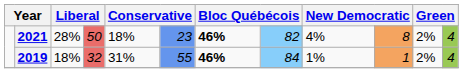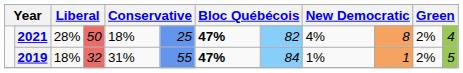 <table class="wikitable" style="width:400; font-size:90%; margin-left:1em;">
 <tr>
 <th colspan="2" scope="col">Year</th>
 <th colspan="2" scope="col"><a href='#'>Liberal</a></th>
 <th colspan="2" scope="col"><a href='#'>Conservative</a></th>
 <th colspan="2" scope="col"><a href='#'>Bloc Québécois</a></th>
 <th colspan="2" scope="col"><a href='#'>New Democratic</a></th>
 <th colspan="2" scope="col"><a href='#'>Green</a></th>
 </tr>
 <tr>
 <td rowspan="2" style="width: 0.25em; background-color: "></td>
 <th><a href='#'>2021</a></th>
 <td>28%</td>
 <td style="text-align:right; background:#EA6D6A;"><em>50</em></td>
 <td>18%</td>
-<td style="text-align:right; background:#6495ED;"><em>23</em></td>
-<td><strong>46%</strong></td>
+<td style="text-align:right; background:#6495ED;"><em>25</em></td>
+<td><strong>47%</strong></td>
 <td style="text-align:right; background:#87CEFA;"><em>82</em></td>
 <td>4%</td>
 <td style="text-align:right; background:#F4A460;"><em>8</em></td>
 <td>2%</td>
 <td style="text-align:right; background:#99C955;"><em>4</em></td>
 </tr>
 <tr>
 <th><a href='#'>2019</a></th>
 <td>18%</td>
 <td style="text-align:right; background:#EA6D6A;"><em>32</em></td>
 <td>31%</td>
 <td style="text-align:right; background:#6495ED;"><em>55</em></td>
-<td><strong>46%</strong></td>
+<td><strong>47%</strong></td>
 <td style="text-align:right; background:#87CEFA;"><em>84</em></td>
 <td>1%</td>
 <td style="text-align:right; background:#F4A460;"><em>1</em></td>
 <td>2%</td>
-<td style="text-align:right; background:#99C955;"><em>4</em></td>
+<td style="text-align:right; background:#99C955;"><em>5</em></td>
 </tr>
 <tr>
 </tr>
 </table>
